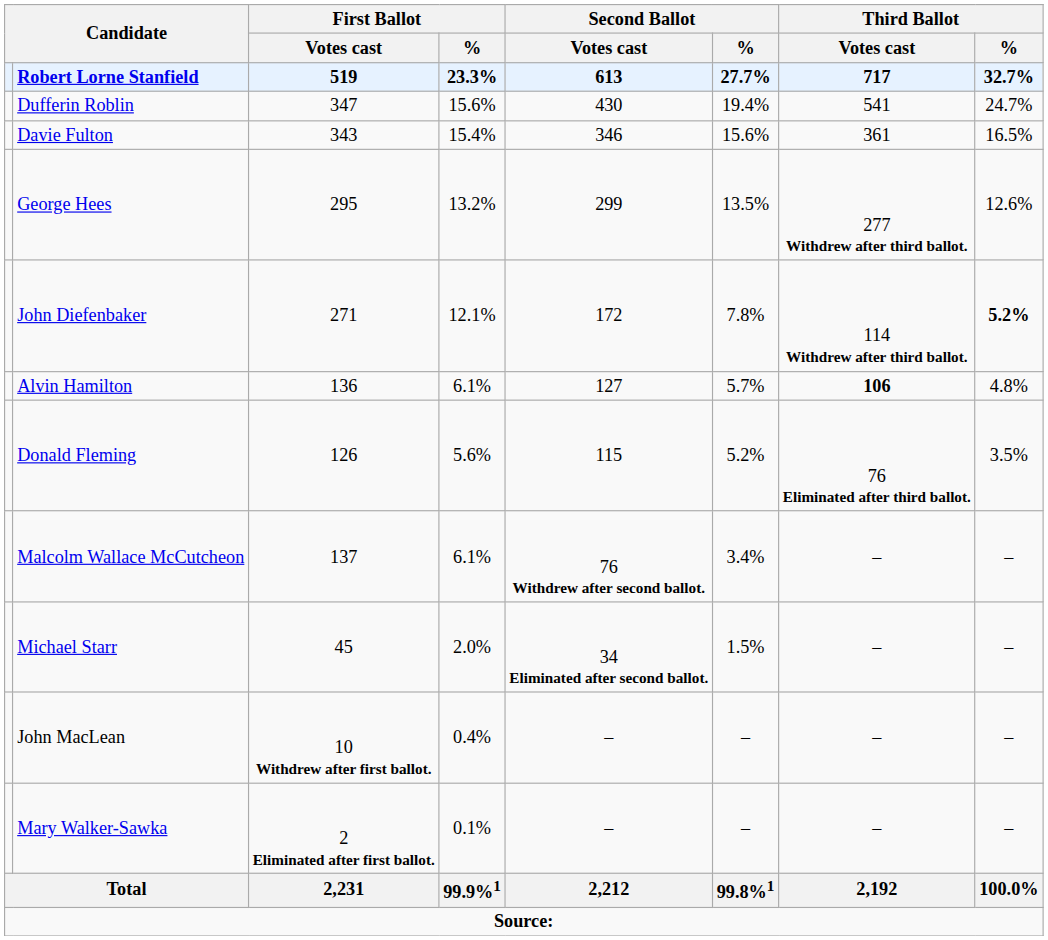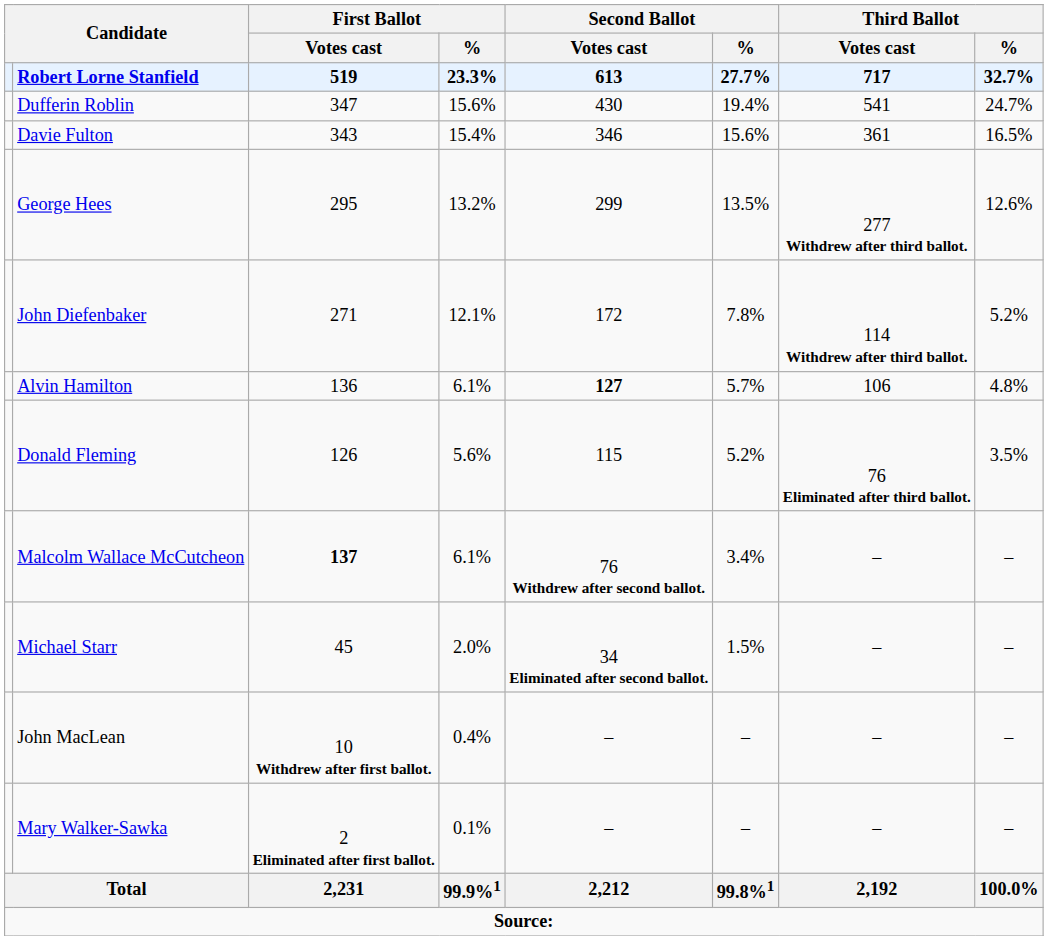 <table class="wikitable">
 <tr>
 <th rowspan="2" colspan="2">Candidate</th>
 <th colspan = "2">First Ballot</th>
 <th colspan = "2">Second Ballot</th>
 <th colspan = "2">Third Ballot</th>
 </tr>
 <tr>
 <th>Votes cast</th>
 <th>%</th>
 <th>Votes cast</th>
 <th>%</th>
 <th>Votes cast</th>
 <th>%</th>
 </tr>
 <tr style="background:#E6F2FF">
 <td></td>
 <td><strong><a href='#'>Robert Lorne Stanfield</a></strong></td>
 <td align = "center"><strong>519</strong></td>
 <td align = "center"><strong>23.3%</strong></td>
 <td align = "center"><strong>613</strong></td>
 <td align = "center"><strong>27.7%</strong></td>
 <td align = "center"><strong>717</strong></td>
 <td align = "center"><strong>32.7%</strong></td>
 </tr>
 <tr>
 <td></td>
 <td><a href='#'>Dufferin Roblin</a></td>
 <td align = "center">347</td>
 <td align = "center">15.6%</td>
 <td align = "center">430</td>
 <td align = "center">19.4%</td>
 <td align = "center">541</td>
 <td align = "center">24.7%</td>
 </tr>
 <tr>
 <td></td>
 <td><a href='#'>Davie Fulton</a></td>
 <td align = "center">343</td>
 <td align = "center">15.4%</td>
 <td align = "center">346</td>
 <td align = "center">15.6%</td>
 <td align = "center">361</td>
 <td align = "center">16.5%</td>
 </tr>
 <tr>
 <td></td>
 <td><a href='#'>George Hees</a></td>
 <td align = "center">295</td>
 <td align = "center">13.2%</td>
 <td align = "center">299</td>
 <td align = "center">13.5%</td>
 <td align = "center"><br><br><br>277<br><strong><small>Withdrew after third ballot.</small></strong></td>
 <td align = "center">12.6%</td>
 </tr>
 <tr>
 <td></td>
 <td><a href='#'>John Diefenbaker</a></td>
 <td align = "center">271</td>
 <td align = "center">12.1%</td>
 <td align = "center">172</td>
 <td align = "center">7.8%</td>
 <td align = "center"><br><br><br>114<br><strong><small>Withdrew after third ballot.</small></strong></td>
-<td align = "center"><strong>5.2%</strong></td>
+<td align = "center">5.2%</td>
 </tr>
 <tr>
 <td></td>
 <td><a href='#'>Alvin Hamilton</a></td>
 <td align = "center">136</td>
 <td align = "center">6.1%</td>
-<td align = "center">127</td>
+<td align = "center"><strong>127</strong></td>
 <td align = "center">5.7%</td>
-<td align = "center"><strong>106</strong></td>
+<td align = "center">106</td>
 <td align = "center">4.8%</td>
 </tr>
 <tr>
 <td></td>
 <td><a href='#'>Donald Fleming</a></td>
 <td align = "center">126</td>
 <td align = "center">5.6%</td>
 <td align = "center">115</td>
 <td align = "center">5.2%</td>
 <td align = "center"><br><br><br>76<br><strong><small>Eliminated after third ballot.</small></strong></td>
 <td align = "center">3.5%</td>
 </tr>
 <tr>
 <td></td>
 <td><a href='#'>Malcolm Wallace McCutcheon</a></td>
-<td align = "center">137</td>
+<td align = "center"><strong>137</strong></td>
 <td align = "center">6.1%</td>
 <td align = "center"><br><br>76<br><strong><small>Withdrew after second ballot.</small></strong></td>
 <td align = "center">3.4%</td>
 <td align = "center">–</td>
 <td align = "center">–</td>
 </tr>
 <tr>
 <td></td>
 <td><a href='#'>Michael Starr</a></td>
 <td align = "center">45</td>
 <td align = "center">2.0%</td>
 <td align = "center"><br><br>34<br><strong><small>Eliminated after second ballot.</small></strong></td>
 <td align = "center">1.5%</td>
 <td align = "center">–</td>
 <td align = "center">–</td>
 </tr>
 <tr>
 <td></td>
 <td>John MacLean</td>
 <td align = "center"><br><br>10<br><strong><small>Withdrew after first ballot.</small></strong></td>
 <td align = "center">0.4%</td>
 <td align = "center">–</td>
 <td align = "center">–</td>
 <td align = "center">–</td>
 <td align = "center">–</td>
 </tr>
 <tr>
 <td></td>
 <td><a href='#'>Mary Walker-Sawka</a></td>
 <td align = "center"><br><br>2<br><strong><small>Eliminated after first ballot.</small></strong></td>
 <td align = "center">0.1%</td>
 <td align = "center">–</td>
 <td align = "center">–</td>
 <td align = "center">–</td>
 <td align = "center">–</td>
 </tr>
 <tr>
 <th colspan = "2">Total</th>
 <th>2,231</th>
 <th>99.9%<sup>1</sup></th>
 <th>2,212</th>
 <th>99.8%<sup>1</sup></th>
 <th>2,192</th>
 <th>100.0%</th>
 </tr>
 <tr>
 <td align="center" colspan=8><strong>Source:</strong>  </td>
 </tr>
 </table>
